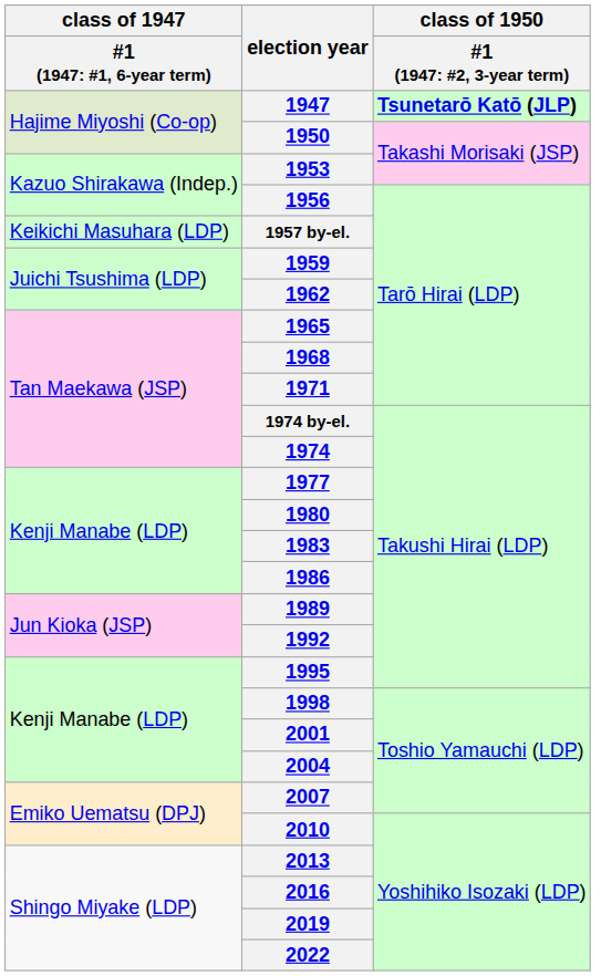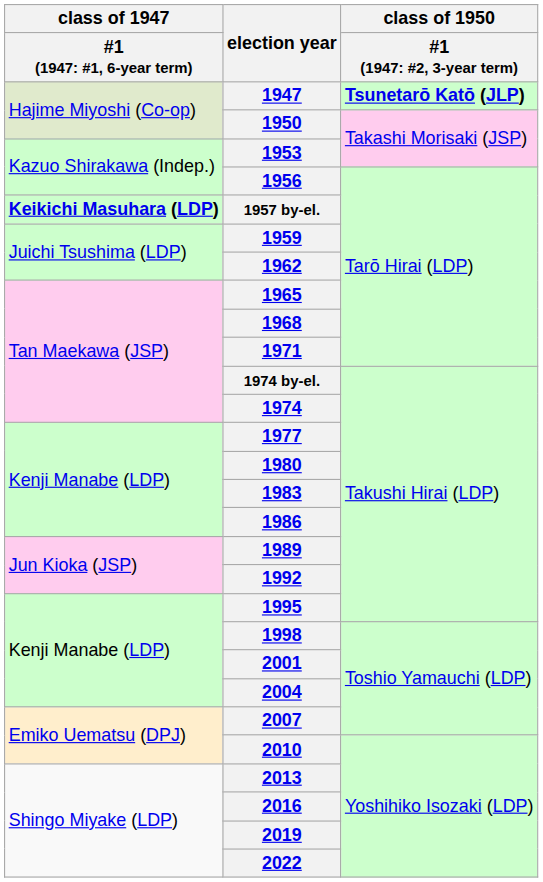 <table class="wikitable" border="1">
 <tr>
 <th>class of 1947</th>
 <th rowspan="2">election year</th>
 <th>class of 1950</th>
 </tr>
 <tr>
 <th>#1<br><small>(1947: #1, 6-year term)</small></th>
 <th>#1<br><small>(1947: #2, 3-year term)</small></th>
 </tr>
 <tr>
 <td rowspan="2" bgcolor="#E0EACC"><a href='#'>Hajime Miyoshi</a> (<a href='#'>Co-op</a>)</td>
 <th align="center"><a href='#'>1947</a></th>
 <td bgcolor="#CCFFCC"><strong><a href='#'>Tsunetarō Katō</a> (<a href='#'>JLP</a>)</strong></td>
 </tr>
 <tr>
 <th align="right"><a href='#'>1950</a></th>
 <td rowspan="2" bgcolor="#FFCCEE"><a href='#'>Takashi Morisaki</a> (<a href='#'>JSP</a>)</td>
 </tr>
 <tr>
 <td rowspan="2" bgcolor="#CCFFCC"><a href='#'>Kazuo Shirakawa</a> (Indep.)</td>
 <th align="left"><a href='#'>1953</a></th>
 </tr>
 <tr>
 <th align="right"><a href='#'>1956</a></th>
 <td rowspan="7" bgcolor="#CCFFCC"><a href='#'>Tarō Hirai</a> (<a href='#'>LDP</a>)</td>
 </tr>
 <tr>
-<td bgcolor="#CCFFCC"><a href='#'>Keikichi Masuhara</a> (<a href='#'>LDP</a>)</td>
+<td bgcolor="#CCFFCC"><strong><a href='#'>Keikichi Masuhara</a> (<a href='#'>LDP</a>)</strong></td>
 <th align="left"><small>1957 by-el.</small></th>
 </tr>
 <tr>
 <td rowspan="2" bgcolor="#CCFFCC"><a href='#'>Juichi Tsushima</a> (<a href='#'>LDP</a>)</td>
 <th align="left"><a href='#'>1959</a></th>
 </tr>
 <tr>
 <th align="right"><a href='#'>1962</a></th>
 </tr>
 <tr>
 <td rowspan="5" bgcolor="#FFCCEE"><a href='#'>Tan Maekawa</a> (<a href='#'>JSP</a>)</td>
 <th align="left"><a href='#'>1965</a></th>
 </tr>
 <tr>
 <th align="right"><a href='#'>1968</a></th>
 </tr>
 <tr>
 <th align="left"><a href='#'>1971</a></th>
 </tr>
 <tr>
 <th align="right"><small>1974 by-el.</small></th>
 <td rowspan="9" bgcolor="#CCFFCC"><a href='#'>Takushi Hirai</a> (<a href='#'>LDP</a>)</td>
 </tr>
 <tr>
 <th align="right"><a href='#'>1974</a></th>
 </tr>
 <tr>
 <td rowspan="4"  bgcolor="#CCFFCC"><a href='#'>Kenji Manabe</a> (<a href='#'>LDP</a>)</td>
 <th align="left"><a href='#'>1977</a></th>
 </tr>
 <tr>
 <th align="right"><a href='#'>1980</a></th>
 </tr>
 <tr>
 <th align="left"><a href='#'>1983</a></th>
 </tr>
 <tr>
 <th align="right"><a href='#'>1986</a></th>
 </tr>
 <tr>
 <td rowspan="2" bgcolor="#FFCCEE"><a href='#'>Jun Kioka</a> (<a href='#'>JSP</a>)</td>
 <th align="left"><a href='#'>1989</a></th>
 </tr>
 <tr>
 <th align="right"><a href='#'>1992</a></th>
 </tr>
 <tr>
 <td rowspan="4"  bgcolor="#CCFFCC">Kenji Manabe (<a href='#'>LDP</a>)</td>
 <th align="left"><a href='#'>1995</a></th>
 </tr>
 <tr>
 <th align="right"><a href='#'>1998</a></th>
 <td rowspan="4" bgcolor="#CCFFCC"><a href='#'>Toshio Yamauchi</a> (<a href='#'>LDP</a>)</td>
 </tr>
 <tr>
 <th align="left"><a href='#'>2001</a></th>
 </tr>
 <tr>
 <th align="right"><a href='#'>2004</a></th>
 </tr>
 <tr>
 <td rowspan="2" bgcolor="#FFEECC"><a href='#'>Emiko Uematsu</a> (<a href='#'>DPJ</a>)</td>
 <th align="left"><a href='#'>2007</a></th>
 </tr>
 <tr>
 <th align="right"><a href='#'>2010</a></th>
 <td rowspan="5" bgcolor="#CCFFCC"><a href='#'>Yoshihiko Isozaki</a> (<a href='#'>LDP</a>)</td>
 </tr>
 <tr>
 <td rowspan="4"><a href='#'>Shingo Miyake</a> (<a href='#'>LDP</a>)</td>
 <th><a href='#'>2013</a></th>
 </tr>
 <tr>
 <th><a href='#'>2016</a></th>
 </tr>
 <tr>
 <th><a href='#'>2019</a></th>
 </tr>
 <tr>
 <th><a href='#'>2022</a></th>
 </tr>
 </table>
